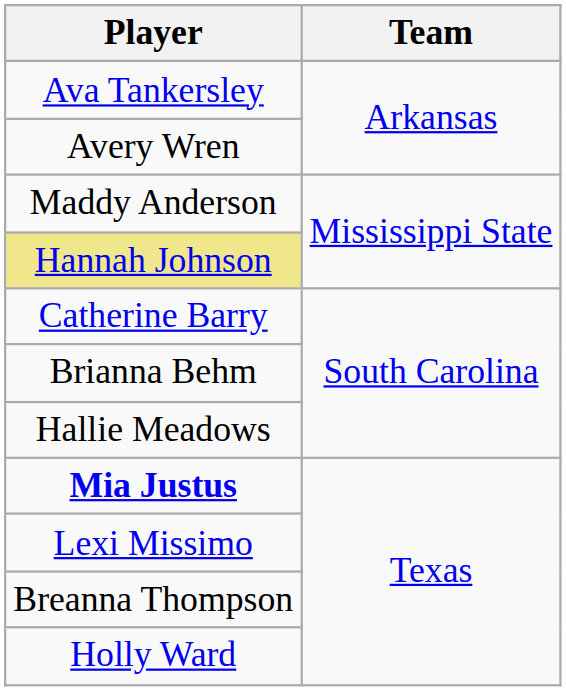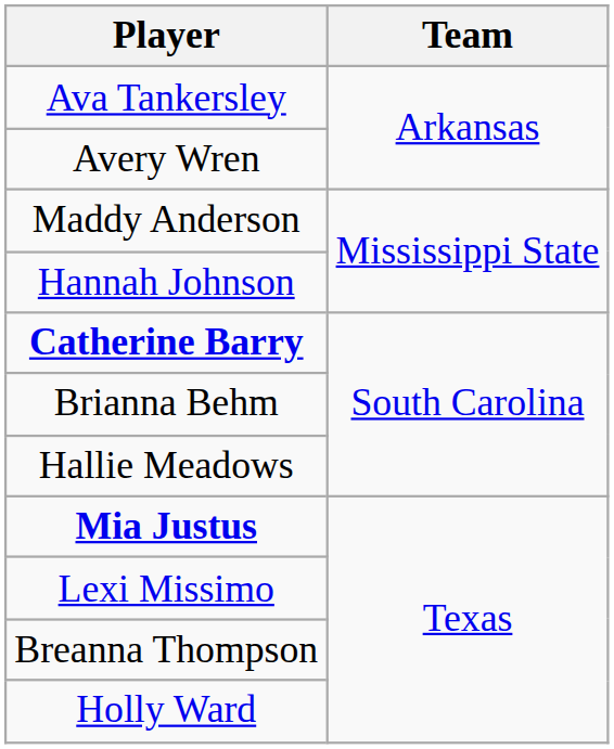 <table class="wikitable" style="text-align:center">
 <tr>
 <th>Player</th>
 <th>Team</th>
 </tr>
 <tr>
 <td><a href='#'>Ava Tankersley</a></td>
 <td rowspan=2><a href='#'>Arkansas</a></td>
 </tr>
 <tr>
 <td>Avery Wren</td>
 </tr>
 <tr>
 <td>Maddy Anderson</td>
 <td rowspan=2><a href='#'>Mississippi State</a></td>
 </tr>
 <tr>
-<td style="background: khaki;"><a href='#'>Hannah Johnson</a></td>
+<td><a href='#'>Hannah Johnson</a></td>
 </tr>
 <tr>
-<td><a href='#'>Catherine Barry</a></td>
+<td><strong><a href='#'>Catherine Barry</a></strong></td>
 <td rowspan=3><a href='#'>South Carolina</a></td>
 </tr>
 <tr>
 <td>Brianna Behm</td>
 </tr>
 <tr>
 <td>Hallie Meadows</td>
 </tr>
 <tr>
 <td><strong><a href='#'>Mia Justus</a></strong></td>
 <td rowspan=4><a href='#'>Texas</a></td>
 </tr>
 <tr>
 <td><a href='#'>Lexi Missimo</a></td>
 </tr>
 <tr>
 <td>Breanna Thompson</td>
 </tr>
 <tr>
 <td><a href='#'>Holly Ward</a></td>
 </tr>
 </table>
